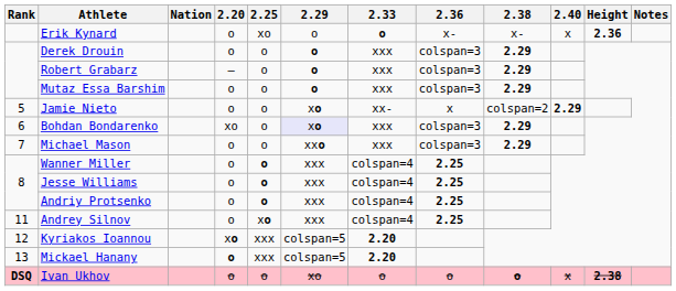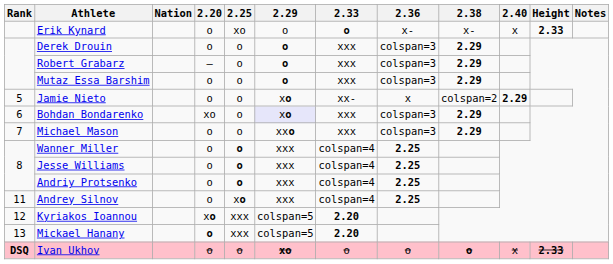 <table class="wikitable sortable" style="text-align:center">
 <tr>
 <th>Rank</th>
 <th>Athlete</th>
 <th>Nation</th>
 <th>2.20</th>
 <th>2.25</th>
 <th>2.29</th>
 <th>2.33</th>
 <th>2.36</th>
 <th>2.38</th>
 <th>2.40</th>
 <th>Height</th>
 <th>Notes</th>
 </tr>
 <tr>
 <td></td>
 <td align=left><a href='#'>Erik Kynard</a></td>
 <td align=left></td>
 <td>o</td>
 <td>xo</td>
 <td>o</td>
 <td><strong>o</strong></td>
 <td>x-</td>
 <td>x-</td>
 <td>x</td>
-<td><strong>2.36</strong></td>
+<td><strong>2.33</strong></td>
 <td></td>
 </tr>
 <tr>
 <td rowspan=3></td>
 <td align=left><a href='#'>Derek Drouin</a></td>
 <td align=left></td>
 <td>o</td>
 <td>o</td>
 <td><strong>o</strong></td>
 <td>xxx</td>
 <td>colspan=3 </td>
 <td><strong>2.29</strong></td>
 <td></td>
 </tr>
 <tr>
 <td align=left><a href='#'>Robert Grabarz</a></td>
 <td align=left></td>
 <td>—</td>
 <td>o</td>
 <td><strong>o</strong></td>
 <td>xxx</td>
 <td>colspan=3 </td>
 <td><strong>2.29</strong></td>
 <td></td>
 </tr>
 <tr>
 <td align=left><a href='#'>Mutaz Essa Barshim</a></td>
 <td align=left></td>
 <td>o</td>
 <td>o</td>
 <td><strong>o</strong></td>
 <td>xxx</td>
 <td>colspan=3 </td>
 <td><strong>2.29</strong></td>
 <td></td>
 </tr>
 <tr>
 <td>5</td>
 <td align=left><a href='#'>Jamie Nieto</a></td>
 <td align=left></td>
 <td>o</td>
 <td>o</td>
 <td>x<strong>o</strong></td>
 <td>xx-</td>
 <td>x</td>
 <td>colspan=2 </td>
 <td><strong>2.29</strong></td>
 <td></td>
 </tr>
 <tr>
 <td>6</td>
 <td align=left><a href='#'>Bohdan Bondarenko</a></td>
 <td align=left></td>
 <td>xo</td>
 <td>o</td>
 <td style="background: lavender;">x<strong>o</strong></td>
 <td>xxx</td>
 <td>colspan=3 </td>
 <td><strong>2.29</strong></td>
 <td></td>
 </tr>
 <tr>
 <td>7</td>
 <td align=left><a href='#'>Michael Mason</a></td>
 <td align=left></td>
 <td>o</td>
 <td>o</td>
 <td>xx<strong>o</strong></td>
 <td>xxx</td>
 <td>colspan=3 </td>
 <td><strong>2.29</strong></td>
 <td></td>
 </tr>
 <tr>
 <td rowspan=3>8</td>
 <td align=left><a href='#'>Wanner Miller</a></td>
 <td align=left></td>
 <td>o</td>
 <td><strong>o</strong></td>
 <td>xxx</td>
 <td>colspan=4 </td>
 <td><strong>2.25</strong></td>
 <td></td>
 </tr>
 <tr>
 <td align=left><a href='#'>Jesse Williams</a></td>
 <td align=left></td>
 <td>o</td>
 <td><strong>o</strong></td>
 <td>xxx</td>
 <td>colspan=4 </td>
 <td><strong>2.25</strong></td>
 <td></td>
 </tr>
 <tr>
 <td align=left><a href='#'>Andriy Protsenko</a></td>
 <td align=left></td>
 <td>o</td>
 <td><strong>o</strong></td>
 <td>xxx</td>
 <td>colspan=4 </td>
 <td><strong>2.25</strong></td>
 <td></td>
 </tr>
 <tr>
 <td>11</td>
 <td align=left><a href='#'>Andrey Silnov</a></td>
 <td align=left></td>
 <td>o</td>
 <td>x<strong>o</strong></td>
 <td>xxx</td>
 <td>colspan=4 </td>
 <td><strong>2.25</strong></td>
 <td></td>
 </tr>
 <tr>
 <td>12</td>
 <td align=left><a href='#'>Kyriakos Ioannou</a></td>
 <td align=left></td>
 <td>x<strong>o</strong></td>
 <td>xxx</td>
 <td>colspan=5 </td>
 <td><strong>2.20</strong></td>
 <td></td>
 </tr>
 <tr>
 <td>13</td>
 <td align=left><a href='#'>Mickael Hanany</a></td>
 <td align=left></td>
 <td><strong>o</strong></td>
 <td>xxx</td>
 <td>colspan=5 </td>
 <td><strong>2.20</strong></td>
 <td></td>
 </tr>
 <tr bgcolor=pink>
 <td data-sort-value=15><strong>DSQ</strong></td>
 <td align=left><a href='#'>Ivan Ukhov</a></td>
 <td align=left></td>
 <td><s>o</s></td>
 <td><s>o</s></td>
-<td><s>xo</s></td>
+<td><strong><s>xo</s></strong></td>
 <td><s>o</s></td>
 <td><s>o</s></td>
 <td><s><strong>o</strong></s></td>
 <td><s>x</s></td>
-<td><s><strong>2.38</strong></s></td>
+<td><s><strong>2.33</strong></s></td>
 <td></td>
 </tr>
 </table>
